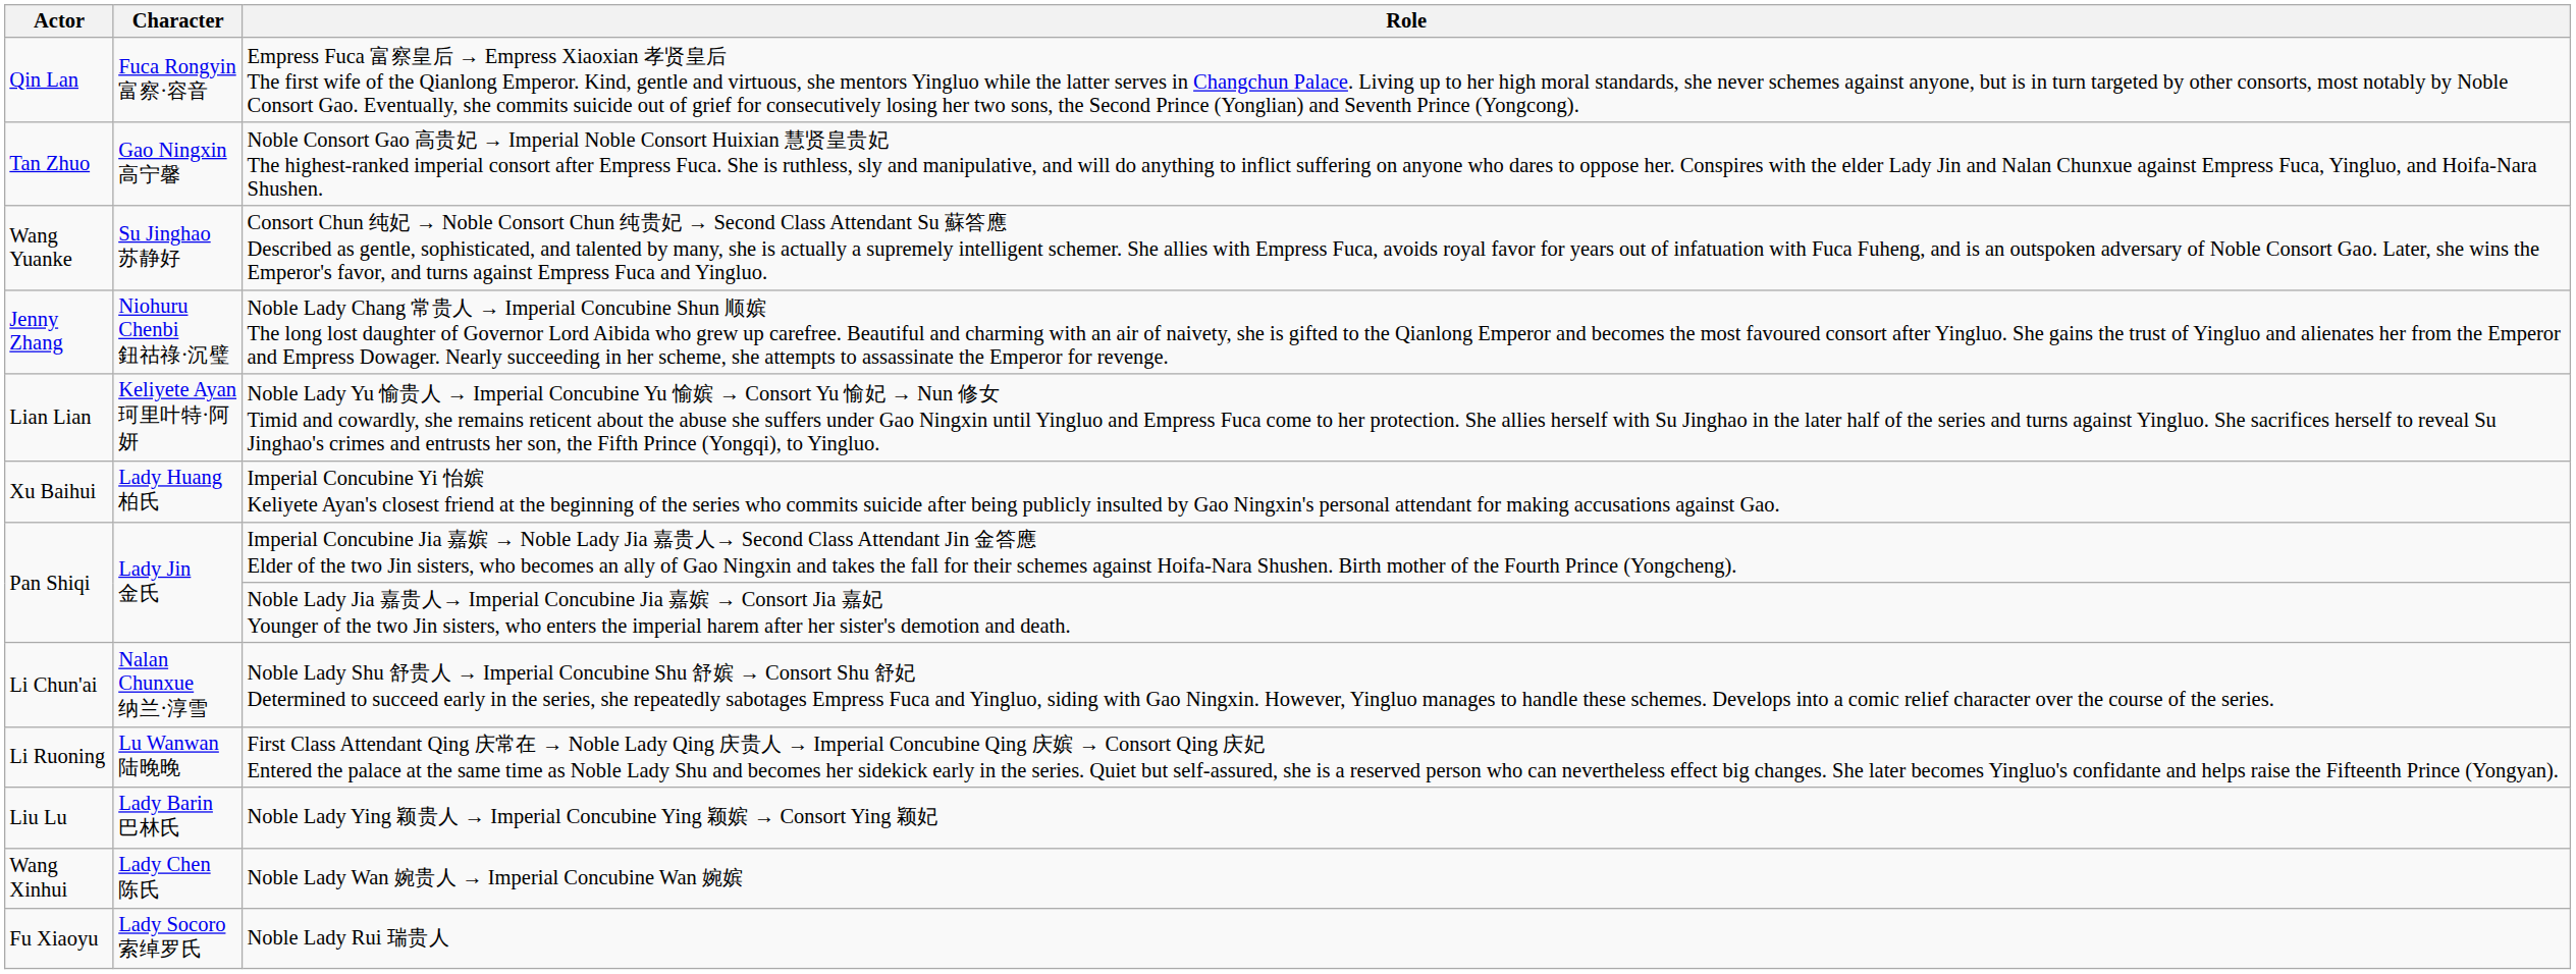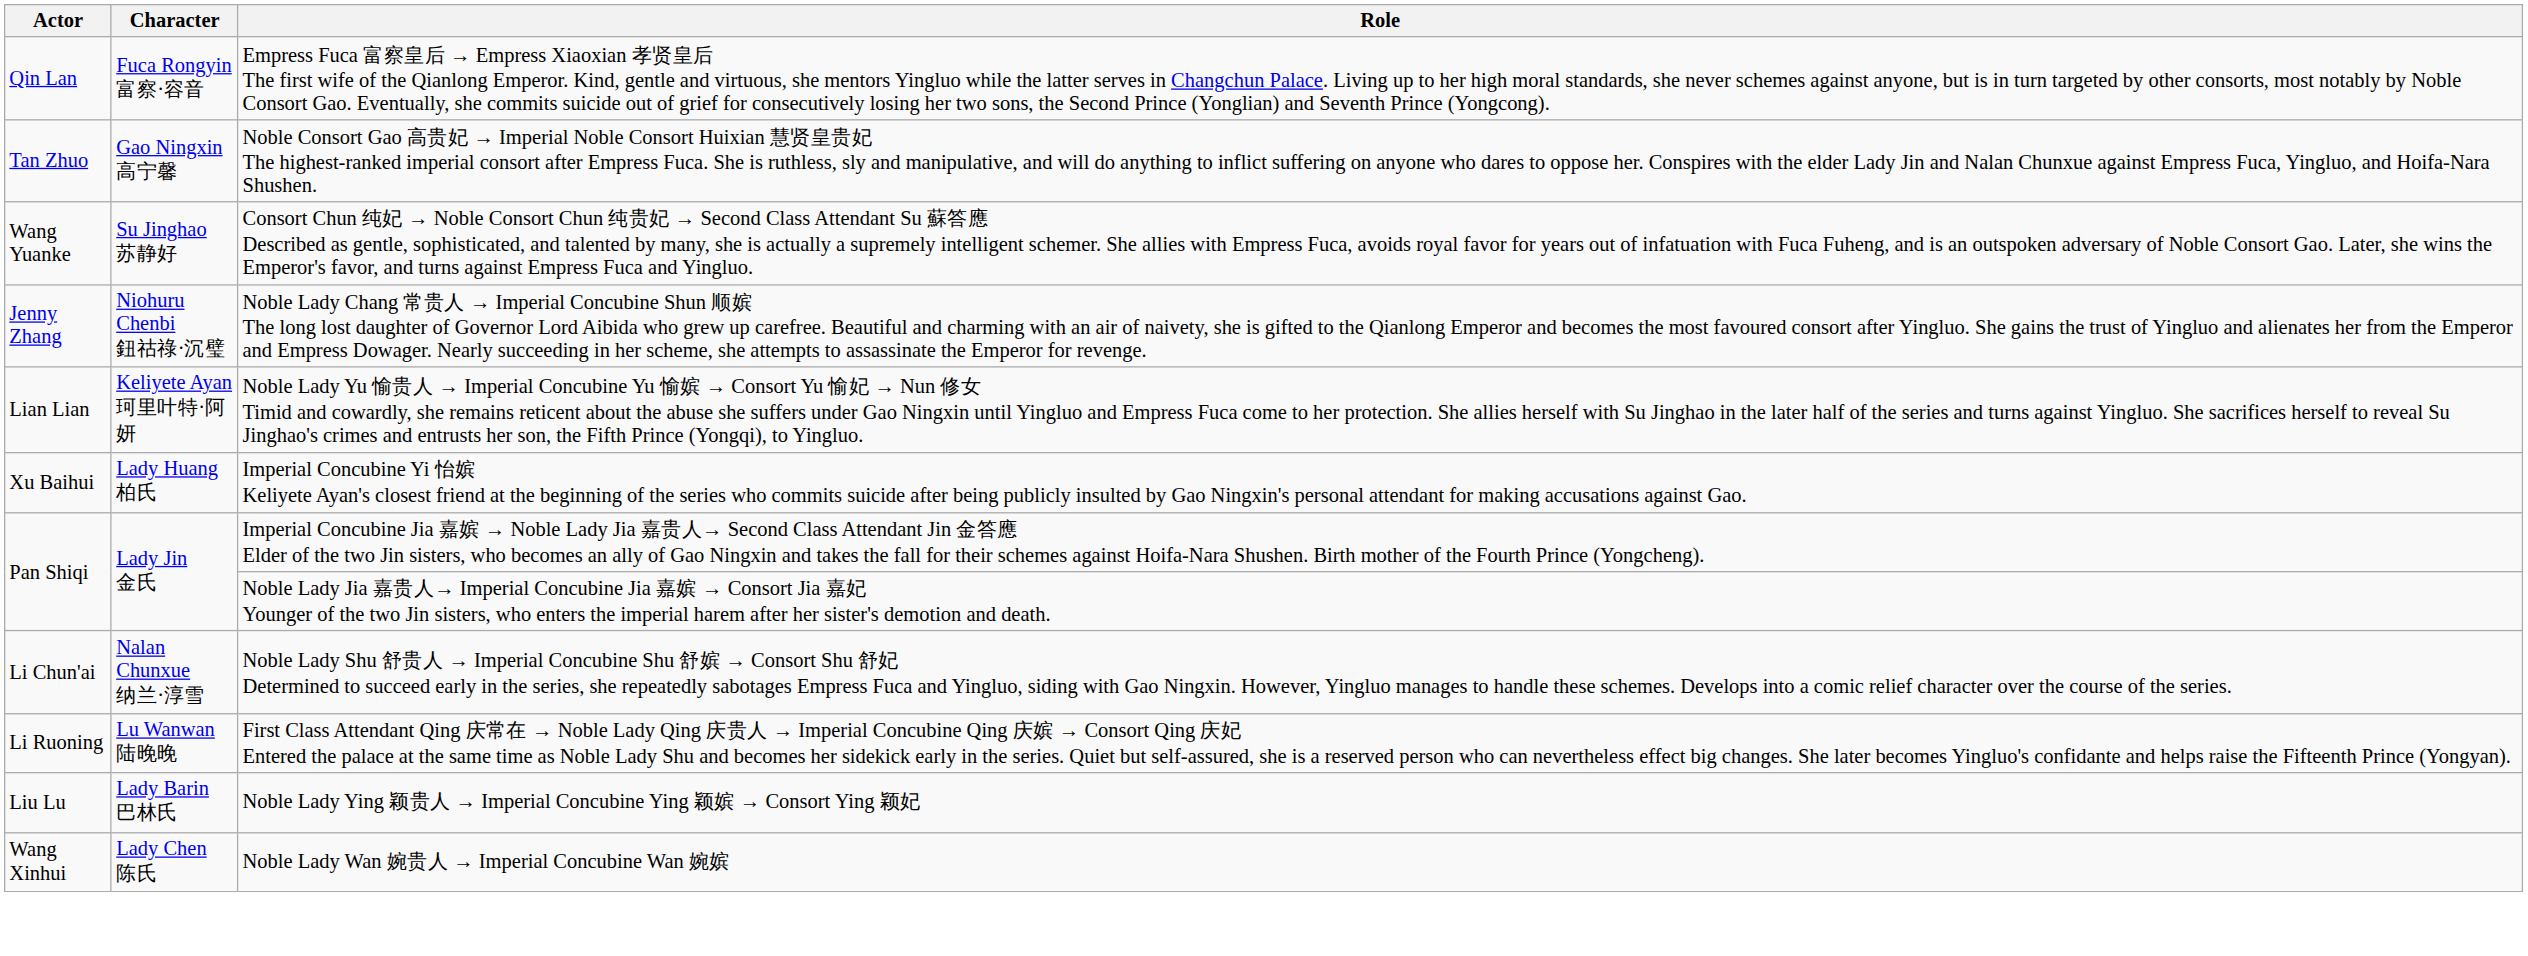 <table class="wikitable">
 <tr>
 <th>Actor</th>
 <th>Character</th>
 <th>Role</th>
 </tr>
 <tr>
 <td><a href='#'>Qin Lan</a></td>
 <td><a href='#'>Fuca Rongyin</a><br>富察·容音</td>
 <td>Empress Fuca 富察皇后 → Empress Xiaoxian 孝贤皇后<br>The first wife of the Qianlong Emperor. Kind, gentle and virtuous, she mentors Yingluo while the latter serves in <a href='#'>Changchun Palace</a>. Living up to her high moral standards, she never schemes against anyone, but is in turn targeted by other consorts, most notably by Noble Consort Gao. Eventually, she commits suicide out of grief for consecutively losing her two sons, the Second Prince (Yonglian) and Seventh Prince (Yongcong).</td>
 </tr>
 <tr>
 <td><a href='#'>Tan Zhuo</a></td>
 <td><a href='#'>Gao Ningxin</a><br>高宁馨</td>
 <td>Noble Consort Gao 高贵妃 → Imperial Noble Consort Huixian 慧贤皇贵妃<br>The highest-ranked imperial consort after Empress Fuca. She is ruthless, sly and manipulative, and will do anything to inflict suffering on anyone who dares to oppose her. Conspires with the elder Lady Jin and Nalan Chunxue against Empress Fuca, Yingluo, and Hoifa-Nara Shushen.</td>
 </tr>
 <tr>
 <td>Wang Yuanke</td>
 <td><a href='#'>Su Jinghao</a><br>苏静好</td>
 <td>Consort Chun 纯妃 → Noble Consort Chun 纯贵妃 → Second Class Attendant Su 蘇答應<br>Described as gentle, sophisticated, and talented by many, she is actually a supremely intelligent schemer. She allies with Empress Fuca, avoids royal favor for years out of infatuation with Fuca Fuheng, and is an outspoken adversary of Noble Consort Gao. Later, she wins the Emperor's favor, and turns against Empress Fuca and Yingluo.</td>
 </tr>
 <tr>
 <td><a href='#'>Jenny Zhang</a></td>
 <td><a href='#'>Niohuru Chenbi</a><br>鈕祜祿·沉璧</td>
 <td>Noble Lady Chang 常贵人 → Imperial Concubine Shun 顺嫔<br>The long lost daughter of Governor Lord Aibida who grew up carefree. Beautiful and charming with an air of naivety, she is gifted to the Qianlong Emperor and becomes the most favoured consort after Yingluo. She gains the trust of Yingluo and alienates her from the Emperor and Empress Dowager. Nearly succeeding in her scheme, she attempts to assassinate the Emperor for revenge.</td>
 </tr>
 <tr>
 <td>Lian Lian</td>
 <td><a href='#'>Keliyete Ayan</a><br>珂里叶特·阿妍</td>
 <td>Noble Lady Yu 愉贵人 → Imperial Concubine Yu 愉嫔 → Consort Yu 愉妃 → Nun 修女<br>Timid and cowardly, she remains reticent about the abuse she suffers under Gao Ningxin until Yingluo and Empress Fuca come to her protection. She allies herself with Su Jinghao in the later half of the series and turns against Yingluo. She sacrifices herself to  reveal Su Jinghao's crimes and entrusts her son, the Fifth Prince (Yongqi), to Yingluo.</td>
 </tr>
 <tr>
 <td>Xu Baihui</td>
 <td><a href='#'>Lady Huang</a><br>柏氏</td>
 <td>Imperial Concubine Yi 怡嫔<br>Keliyete Ayan's closest friend at the beginning of the series who commits suicide after being publicly insulted by Gao Ningxin's personal attendant for making accusations against Gao.</td>
 </tr>
 <tr>
 <td rowspan="2">Pan Shiqi</td>
 <td rowspan="2"><a href='#'>Lady Jin</a><br>金氏</td>
 <td>Imperial Concubine Jia 嘉嫔 → Noble Lady Jia 嘉贵人→ Second Class Attendant Jin 金答應<br>Elder of the two Jin sisters, who becomes an ally of Gao Ningxin and takes the fall for their schemes against Hoifa-Nara Shushen. Birth mother of the Fourth Prince (Yongcheng).</td>
 </tr>
 <tr>
 <td>Noble Lady Jia 嘉贵人→ Imperial Concubine Jia 嘉嫔 → Consort Jia 嘉妃<br>Younger of the two Jin sisters, who enters the imperial harem after her sister's demotion and death.</td>
 </tr>
 <tr>
 <td>Li Chun'ai</td>
 <td><a href='#'>Nalan Chunxue</a><br>纳兰·淳雪</td>
 <td>Noble Lady Shu 舒贵人 → Imperial Concubine Shu 舒嫔 → Consort Shu 舒妃<br>Determined to succeed early in the series, she repeatedly sabotages Empress Fuca and Yingluo, siding with Gao Ningxin. However, Yingluo manages to handle these schemes. Develops into a comic relief character over the course of the series.</td>
 </tr>
 <tr>
 <td>Li Ruoning</td>
 <td><a href='#'>Lu Wanwan</a><br>陆晚晚</td>
 <td>First Class Attendant Qing 庆常在 → Noble Lady Qing 庆贵人 → Imperial Concubine Qing 庆嫔 → Consort Qing 庆妃<br>Entered the palace at the same time as Noble Lady Shu and becomes her sidekick early in the series. Quiet but self-assured, she is a reserved person who can nevertheless effect big changes. She later becomes Yingluo's confidante and helps raise the Fifteenth Prince (Yongyan).</td>
 </tr>
 <tr>
 <td>Liu Lu</td>
 <td><a href='#'>Lady Barin</a><br>巴林氏</td>
 <td>Noble Lady Ying 颖贵人 → Imperial Concubine Ying 颖嫔 → Consort Ying 颖妃</td>
 </tr>
 <tr>
 <td>Wang Xinhui</td>
 <td><a href='#'>Lady Chen</a><br>陈氏</td>
 <td>Noble Lady Wan 婉贵人 → Imperial Concubine Wan 婉嫔</td>
 </tr>
-<tr>
-<td>Fu Xiaoyu</td>
-<td><a href='#'>Lady Socoro</a><br>索绰罗氏</td>
-<td>Noble Lady Rui 瑞贵人</td>
-</tr>
 </table>
